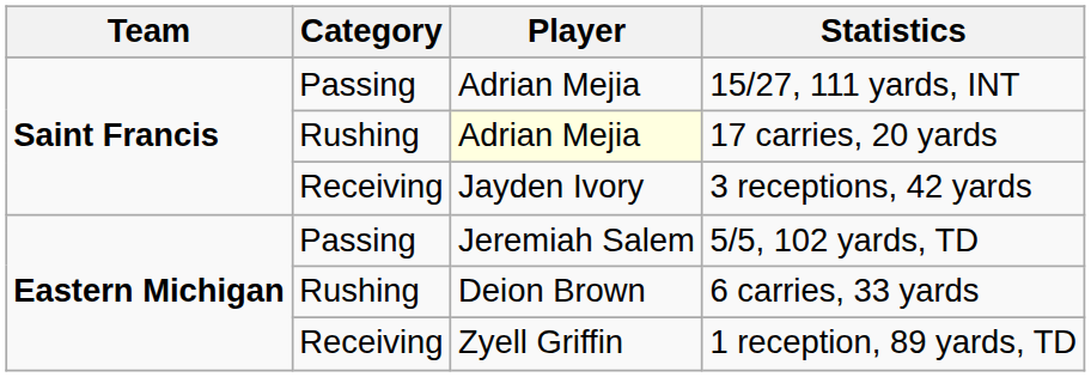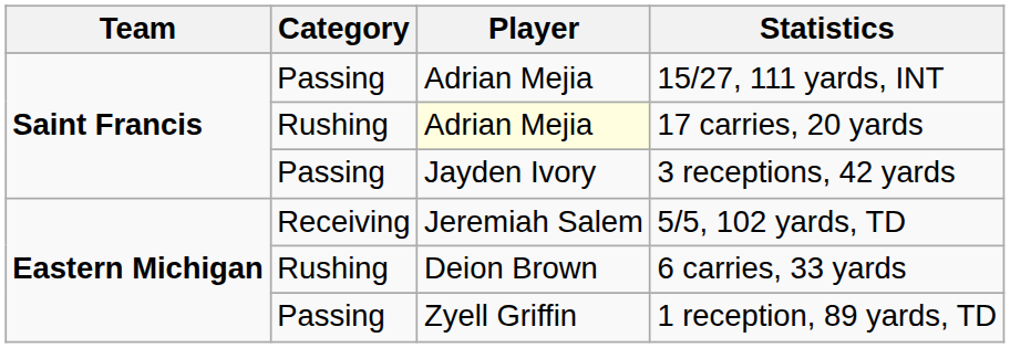 <table class="wikitable" style="float: right;">
 <tr>
 <th>Team</th>
 <th>Category</th>
 <th>Player</th>
 <th>Statistics</th>
 </tr>
 <tr>
 <td rowspan=3><strong>Saint Francis</strong></td>
 <td>Passing</td>
 <td>Adrian Mejia</td>
 <td>15/27, 111 yards, INT</td>
 </tr>
 <tr>
 <td>Rushing</td>
 <td style="background: lightyellow;">Adrian Mejia</td>
 <td>17 carries, 20 yards</td>
 </tr>
 <tr>
-<td>Receiving</td>
+<td>Passing</td>
 <td>Jayden Ivory</td>
 <td>3 receptions, 42 yards</td>
 </tr>
 <tr>
 <td rowspan=3><strong>Eastern Michigan</strong></td>
-<td>Passing</td>
+<td>Receiving</td>
 <td>Jeremiah Salem</td>
 <td>5/5, 102 yards, TD</td>
 </tr>
 <tr>
 <td>Rushing</td>
 <td>Deion Brown</td>
 <td>6 carries, 33 yards</td>
 </tr>
 <tr>
-<td>Receiving</td>
+<td>Passing</td>
 <td>Zyell Griffin</td>
 <td>1 reception, 89 yards, TD</td>
 </tr>
 </table>
